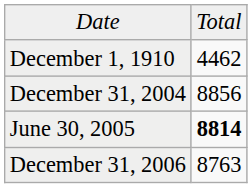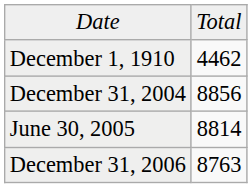 <table class="wikitable">
 <tr style="background:#efefef; text-align:center;">
 <td><em>Date</em></td>
 <td style="text-align: center;"><em>Total<br></em></td>
 </tr>
 <tr>
 <td style="background:#efefee;">December 1, 1910</td>
 <td style="text-align: right;">4462</td>
 </tr>
 <tr>
 <td style="background:#efefee;">December 31, 2004</td>
 <td style="text-align: right;">8856</td>
 </tr>
 <tr>
 <td style="background:#efefee;">June 30, 2005</td>
-<td style="text-align: right;"><strong>8814</strong></td>
+<td style="text-align: right;">8814</td>
 </tr>
 <tr>
 <td style="background:#efefee;">December 31, 2006</td>
 <td style="text-align: right;">8763</td>
 </tr>
 </table>
